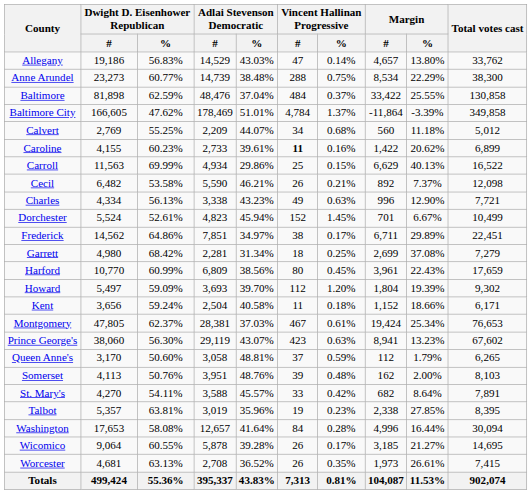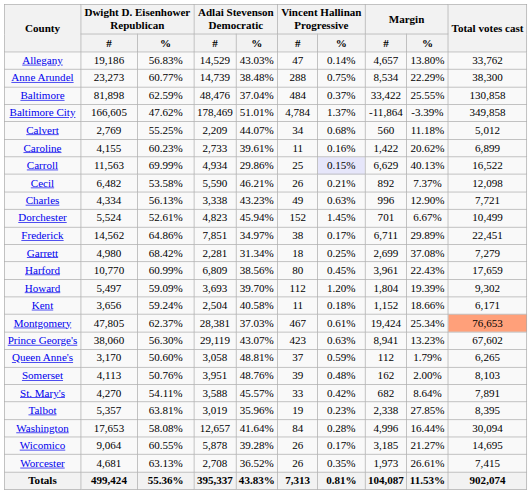 <table width="60%"  class="wikitable sortable" style="text-align:center">
 <tr>
 <th style="text-align:center;" rowspan="2">County</th>
 <th style="text-align:center;" colspan="2">Dwight D. Eisenhower<br>Republican</th>
 <th style="text-align:center;" colspan="2">Adlai Stevenson<br>Democratic</th>
 <th style="text-align:center;" colspan="2">Vincent Hallinan<br>Progressive</th>
 <th style="text-align:center;" colspan="2">Margin</th>
 <th style="text-align:center;" rowspan="2">Total votes cast</th>
 </tr>
 <tr>
 <th style="text-align:center;" data-sort-type="number">#</th>
 <th style="text-align:center;" data-sort-type="number">%</th>
 <th style="text-align:center;" data-sort-type="number">#</th>
 <th style="text-align:center;" data-sort-type="number">%</th>
 <th style="text-align:center;" data-sort-type="number">#</th>
 <th style="text-align:center;" data-sort-type="number">%</th>
 <th style="text-align:center;" data-sort-type="number">#</th>
 <th style="text-align:center;" data-sort-type="number">%</th>
 </tr>
 <tr style="text-align:center;">
 <td><a href='#'>Allegany</a></td>
 <td>19,186</td>
 <td>56.83%</td>
 <td>14,529</td>
 <td>43.03%</td>
 <td>47</td>
 <td>0.14%</td>
 <td>4,657</td>
 <td>13.80%</td>
 <td>33,762</td>
 </tr>
 <tr style="text-align:center;">
 <td><a href='#'>Anne Arundel</a></td>
 <td>23,273</td>
 <td>60.77%</td>
 <td>14,739</td>
 <td>38.48%</td>
 <td>288</td>
 <td>0.75%</td>
 <td>8,534</td>
 <td>22.29%</td>
 <td>38,300</td>
 </tr>
 <tr style="text-align:center;">
 <td><a href='#'>Baltimore</a></td>
 <td>81,898</td>
 <td>62.59%</td>
 <td>48,476</td>
 <td>37.04%</td>
 <td>484</td>
 <td>0.37%</td>
 <td>33,422</td>
 <td>25.55%</td>
 <td>130,858</td>
 </tr>
 <tr style="text-align:center;">
 <td><a href='#'>Baltimore City</a></td>
 <td>166,605</td>
 <td>47.62%</td>
 <td>178,469</td>
 <td>51.01%</td>
 <td>4,784</td>
 <td>1.37%</td>
 <td>-11,864</td>
 <td>-3.39%</td>
 <td>349,858</td>
 </tr>
 <tr style="text-align:center;">
 <td><a href='#'>Calvert</a></td>
 <td>2,769</td>
 <td>55.25%</td>
 <td>2,209</td>
 <td>44.07%</td>
 <td>34</td>
 <td>0.68%</td>
 <td>560</td>
 <td>11.18%</td>
 <td>5,012</td>
 </tr>
 <tr style="text-align:center;">
 <td><a href='#'>Caroline</a></td>
 <td>4,155</td>
 <td>60.23%</td>
 <td>2,733</td>
 <td>39.61%</td>
-<td><strong>11</strong></td>
+<td>11</td>
 <td>0.16%</td>
 <td>1,422</td>
 <td>20.62%</td>
 <td>6,899</td>
 </tr>
 <tr style="text-align:center;">
 <td><a href='#'>Carroll</a></td>
 <td>11,563</td>
 <td>69.99%</td>
 <td>4,934</td>
 <td>29.86%</td>
 <td>25</td>
-<td>0.15%</td>
+<td style="background: lavender;">0.15%</td>
 <td>6,629</td>
 <td>40.13%</td>
 <td>16,522</td>
 </tr>
 <tr style="text-align:center;">
 <td><a href='#'>Cecil</a></td>
 <td>6,482</td>
 <td>53.58%</td>
 <td>5,590</td>
 <td>46.21%</td>
 <td>26</td>
 <td>0.21%</td>
 <td>892</td>
 <td>7.37%</td>
 <td>12,098</td>
 </tr>
 <tr style="text-align:center;">
 <td><a href='#'>Charles</a></td>
 <td>4,334</td>
 <td>56.13%</td>
 <td>3,338</td>
 <td>43.23%</td>
 <td>49</td>
 <td>0.63%</td>
 <td>996</td>
 <td>12.90%</td>
 <td>7,721</td>
 </tr>
 <tr style="text-align:center;">
 <td><a href='#'>Dorchester</a></td>
 <td>5,524</td>
 <td>52.61%</td>
 <td>4,823</td>
 <td>45.94%</td>
 <td>152</td>
 <td>1.45%</td>
 <td>701</td>
 <td>6.67%</td>
 <td>10,499</td>
 </tr>
 <tr style="text-align:center;">
 <td><a href='#'>Frederick</a></td>
 <td>14,562</td>
 <td>64.86%</td>
 <td>7,851</td>
 <td>34.97%</td>
 <td>38</td>
 <td>0.17%</td>
 <td>6,711</td>
 <td>29.89%</td>
 <td>22,451</td>
 </tr>
 <tr style="text-align:center;">
 <td><a href='#'>Garrett</a></td>
 <td>4,980</td>
 <td>68.42%</td>
 <td>2,281</td>
 <td>31.34%</td>
 <td>18</td>
 <td>0.25%</td>
 <td>2,699</td>
 <td>37.08%</td>
 <td>7,279</td>
 </tr>
 <tr style="text-align:center;">
 <td><a href='#'>Harford</a></td>
 <td>10,770</td>
 <td>60.99%</td>
 <td>6,809</td>
 <td>38.56%</td>
 <td>80</td>
 <td>0.45%</td>
 <td>3,961</td>
 <td>22.43%</td>
 <td>17,659</td>
 </tr>
 <tr style="text-align:center;">
 <td><a href='#'>Howard</a></td>
 <td>5,497</td>
 <td>59.09%</td>
 <td>3,693</td>
 <td>39.70%</td>
 <td>112</td>
 <td>1.20%</td>
 <td>1,804</td>
 <td>19.39%</td>
 <td>9,302</td>
 </tr>
 <tr style="text-align:center;">
 <td><a href='#'>Kent</a></td>
 <td>3,656</td>
 <td>59.24%</td>
 <td>2,504</td>
 <td>40.58%</td>
 <td>11</td>
 <td>0.18%</td>
 <td>1,152</td>
 <td>18.66%</td>
 <td>6,171</td>
 </tr>
 <tr style="text-align:center;">
 <td><a href='#'>Montgomery</a></td>
 <td>47,805</td>
 <td>62.37%</td>
 <td>28,381</td>
 <td>37.03%</td>
 <td>467</td>
 <td>0.61%</td>
 <td>19,424</td>
 <td>25.34%</td>
-<td>76,653</td>
+<td style="background: lightsalmon;">76,653</td>
 </tr>
 <tr style="text-align:center;">
 <td><a href='#'>Prince George's</a></td>
 <td>38,060</td>
 <td>56.30%</td>
 <td>29,119</td>
 <td>43.07%</td>
 <td>423</td>
 <td>0.63%</td>
 <td>8,941</td>
 <td>13.23%</td>
 <td>67,602</td>
 </tr>
 <tr style="text-align:center;">
 <td><a href='#'>Queen Anne's</a></td>
 <td>3,170</td>
 <td>50.60%</td>
 <td>3,058</td>
 <td>48.81%</td>
 <td>37</td>
 <td>0.59%</td>
 <td>112</td>
 <td>1.79%</td>
 <td>6,265</td>
 </tr>
 <tr style="text-align:center;">
 <td><a href='#'>Somerset</a></td>
 <td>4,113</td>
 <td>50.76%</td>
 <td>3,951</td>
 <td>48.76%</td>
 <td>39</td>
 <td>0.48%</td>
 <td>162</td>
 <td>2.00%</td>
 <td>8,103</td>
 </tr>
 <tr style="text-align:center;">
 <td><a href='#'>St. Mary's</a></td>
 <td>4,270</td>
 <td>54.11%</td>
 <td>3,588</td>
 <td>45.57%</td>
 <td>33</td>
 <td>0.42%</td>
 <td>682</td>
 <td>8.64%</td>
 <td>7,891</td>
 </tr>
 <tr style="text-align:center;">
 <td><a href='#'>Talbot</a></td>
 <td>5,357</td>
 <td>63.81%</td>
 <td>3,019</td>
 <td>35.96%</td>
 <td>19</td>
 <td>0.23%</td>
 <td>2,338</td>
 <td>27.85%</td>
 <td>8,395</td>
 </tr>
 <tr style="text-align:center;">
 <td><a href='#'>Washington</a></td>
 <td>17,653</td>
 <td>58.08%</td>
 <td>12,657</td>
 <td>41.64%</td>
 <td>84</td>
 <td>0.28%</td>
 <td>4,996</td>
 <td>16.44%</td>
 <td>30,094</td>
 </tr>
 <tr style="text-align:center;">
 <td><a href='#'>Wicomico</a></td>
 <td>9,064</td>
 <td>60.55%</td>
 <td>5,878</td>
 <td>39.28%</td>
 <td>26</td>
 <td>0.17%</td>
 <td>3,185</td>
 <td>21.27%</td>
 <td>14,695</td>
 </tr>
 <tr style="text-align:center;">
 <td><a href='#'>Worcester</a></td>
 <td>4,681</td>
 <td>63.13%</td>
 <td>2,708</td>
 <td>36.52%</td>
 <td>26</td>
 <td>0.35%</td>
 <td>1,973</td>
 <td>26.61%</td>
 <td>7,415</td>
 </tr>
 <tr style="text-align:center;">
 <th>Totals</th>
 <th>499,424</th>
 <th>55.36%</th>
 <th>395,337</th>
 <th>43.83%</th>
 <th>7,313</th>
 <th>0.81%</th>
 <th>104,087</th>
 <th>11.53%</th>
 <th>902,074</th>
 </tr>
 </table>
